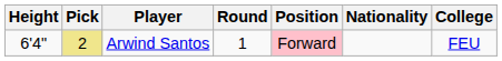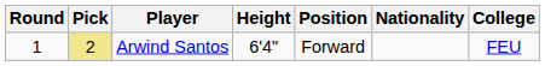 <table class="wikitable sortable sortable">
 <tr>
-<th>Height</th>
+<th>Round</th>
 <th>Pick</th>
 <th>Player</th>
-<th>Round</th>
+<th>Height</th>
 <th>Position</th>
 <th>Nationality</th>
 <th>College</th>
 </tr>
 <tr style="text-align: center">
-<td>6'4"</td>
+<td>1</td>
 <td style="background: khaki;">2</td>
 <td><a href='#'>Arwind Santos</a></td>
-<td>1</td>
-<td style="background: pink;">Forward</td>
+<td>6'4"</td>
+<td>Forward</td>
 <td></td>
 <td><a href='#'>FEU</a></td>
 </tr>
 </table>
